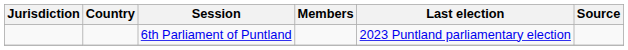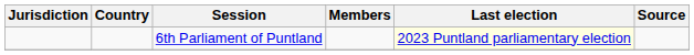 <table class="wikitable sortable">
 <tr>
 <th scope="col">Jurisdiction</th>
 <th>Country</th>
 <th>Session</th>
 <th>Members</th>
 <th>Last election</th>
 <th>Source</th>
 </tr>
 <tr>
 <td></td>
 <td></td>
 <td><a href='#'>6th Parliament of Puntland</a></td>
 <td></td>
-<td><a href='#'>2023 Puntland parliamentary election</a></td>
+<td style="background: lightyellow;"><a href='#'>2023 Puntland parliamentary election</a></td>
 <td></td>
 </tr>
 <tr>
 </tr>
 </table>
